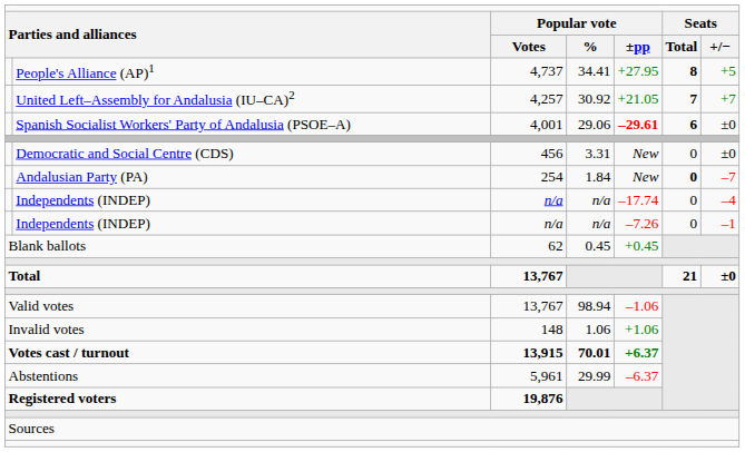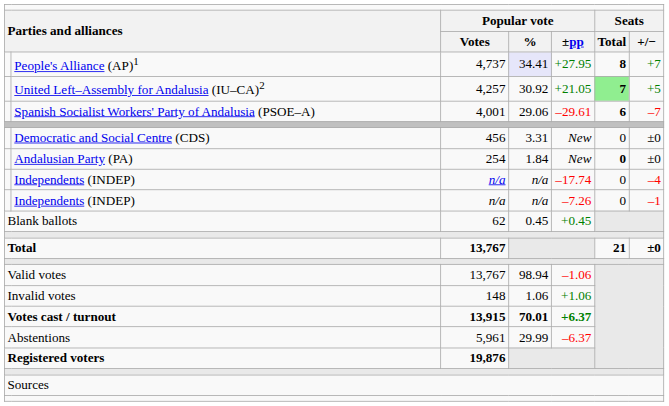 <table class="wikitable" style="text-align:right;">
 <tr>
 <td colspan="7"></td>
 </tr>
 <tr>
 <th style="text-align:left;" rowspan="2" colspan="2" width="525">Parties and alliances</th>
 <th colspan="3">Popular vote</th>
 <th colspan="2">Seats</th>
 </tr>
 <tr>
 <th width="75">Votes</th>
 <th width="45">%</th>
 <th width="45">±<a href='#'>pp</a></th>
 <th width="35">Total</th>
 <th width="35">+/−</th>
 </tr>
 <tr>
 <td width="1" style="color:inherit;background:"></td>
 <td align="left"><a href='#'>People's Alliance</a> (AP)<sup>1</sup></td>
 <td>4,737</td>
-<td>34.41</td>
+<td style="background: lavender;">34.41</td>
 <td style="color:green;">+27.95</td>
 <td><strong>8</strong></td>
-<td style="color:green;">+5</td>
+<td style="color:green;">+7</td>
 </tr>
 <tr>
 <td style="color:inherit;background:"></td>
 <td align="left"><a href='#'>United Left–Assembly for Andalusia</a> (IU–CA)<sup>2</sup></td>
 <td>4,257</td>
 <td>30.92</td>
 <td style="color:green;">+21.05</td>
-<td><strong>7</strong></td>
-<td style="color:green;">+7</td>
+<td style="background: lightgreen;"><strong>7</strong></td>
+<td style="color:green;">+5</td>
 </tr>
 <tr>
 <td style="color:inherit;background:"></td>
 <td align="left"><a href='#'>Spanish Socialist Workers' Party of Andalusia</a> (PSOE–A)</td>
 <td>4,001</td>
 <td>29.06</td>
-<td style="color:red;"><strong>–29.61</strong></td>
+<td style="color:red;">–29.61</td>
 <td><strong>6</strong></td>
-<td>±0</td>
+<td style="color:red;">–7</td>
 </tr>
 <tr>
 <td colspan="7" bgcolor="#C0C0C0"></td>
 </tr>
 <tr>
 <td style="color:inherit;background:"></td>
 <td align="left"><a href='#'>Democratic and Social Centre</a> (CDS)</td>
 <td>456</td>
 <td>3.31</td>
 <td><em>New</em></td>
 <td>0</td>
 <td>±0</td>
 </tr>
 <tr>
 <td style="color:inherit;background:"></td>
 <td align="left"><a href='#'>Andalusian Party</a> (PA)</td>
 <td>254</td>
 <td>1.84</td>
 <td><em>New</em></td>
 <td><strong>0</strong></td>
-<td style="color:red;">–7</td>
+<td>±0</td>
 </tr>
 <tr>
 <td style="color:inherit;background:"></td>
 <td align="left"><a href='#'>Independents</a> (INDEP)</td>
 <td><em><a href='#'>n/a</a></em></td>
 <td><em>n/a</em></td>
 <td style="color:red;">–17.74</td>
 <td>0</td>
 <td style="color:red;">–4</td>
 </tr>
 <tr>
 <td style="color:inherit;background:"></td>
 <td align="left"><a href='#'>Independents</a> (INDEP)</td>
 <td><em>n/a</em></td>
 <td><em>n/a</em></td>
 <td style="color:red;">–7.26</td>
 <td>0</td>
 <td style="color:red;">–1</td>
 </tr>
 <tr>
 <td align="left" colspan="2">Blank ballots</td>
 <td>62</td>
 <td>0.45</td>
 <td style="color:green;">+0.45</td>
 <td bgcolor="#E9E9E9" colspan="2"></td>
 </tr>
 <tr>
 <td colspan="7" bgcolor="#E9E9E9"></td>
 </tr>
 <tr style="font-weight:bold;">
 <td align="left" colspan="2">Total</td>
 <td>13,767</td>
 <td bgcolor="#E9E9E9" colspan="2"></td>
 <td>21</td>
 <td>±0</td>
 </tr>
 <tr>
 <td colspan="7" bgcolor="#E9E9E9"></td>
 </tr>
 <tr>
 <td align="left" colspan="2">Valid votes</td>
 <td>13,767</td>
 <td>98.94</td>
 <td style="color:red;">–1.06</td>
 <td bgcolor="#E9E9E9" colspan="2" rowspan="5"></td>
 </tr>
 <tr>
 <td align="left" colspan="2">Invalid votes</td>
 <td>148</td>
 <td>1.06</td>
 <td style="color:green;">+1.06</td>
 </tr>
 <tr style="font-weight:bold;">
 <td align="left" colspan="2">Votes cast / turnout</td>
 <td>13,915</td>
 <td>70.01</td>
 <td style="color:green;">+6.37</td>
 </tr>
 <tr>
 <td align="left" colspan="2">Abstentions</td>
 <td>5,961</td>
 <td>29.99</td>
 <td style="color:red;">–6.37</td>
 </tr>
 <tr style="font-weight:bold;">
 <td align="left" colspan="2">Registered voters</td>
 <td>19,876</td>
 <td bgcolor="#E9E9E9" colspan="2"></td>
 </tr>
 <tr>
 <td colspan="7" bgcolor="#E9E9E9"></td>
 </tr>
 <tr>
 <td align="left" colspan="7">Sources</td>
 </tr>
 <tr>
 <td colspan="7" style="text-align:left; max-width:790px;"></td>
 </tr>
 </table>
